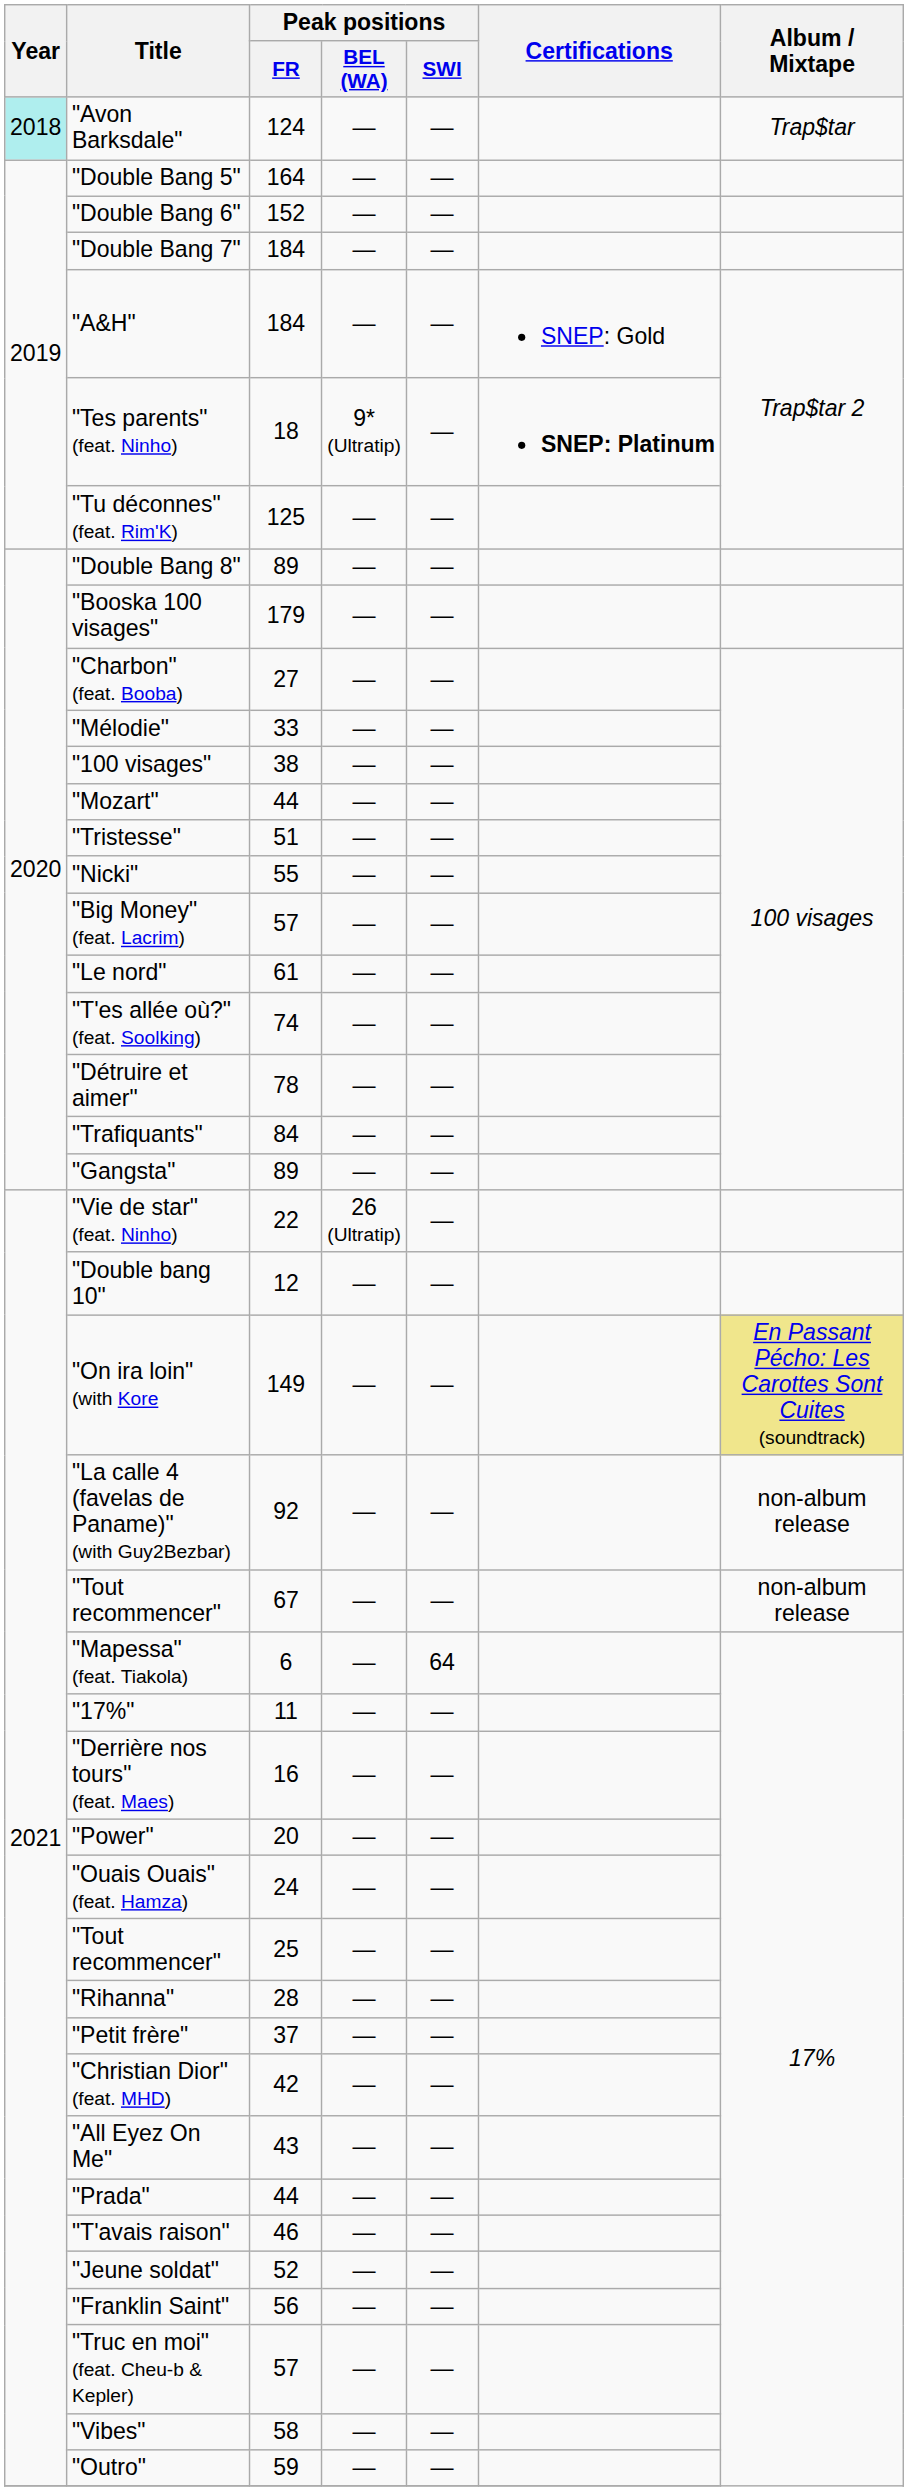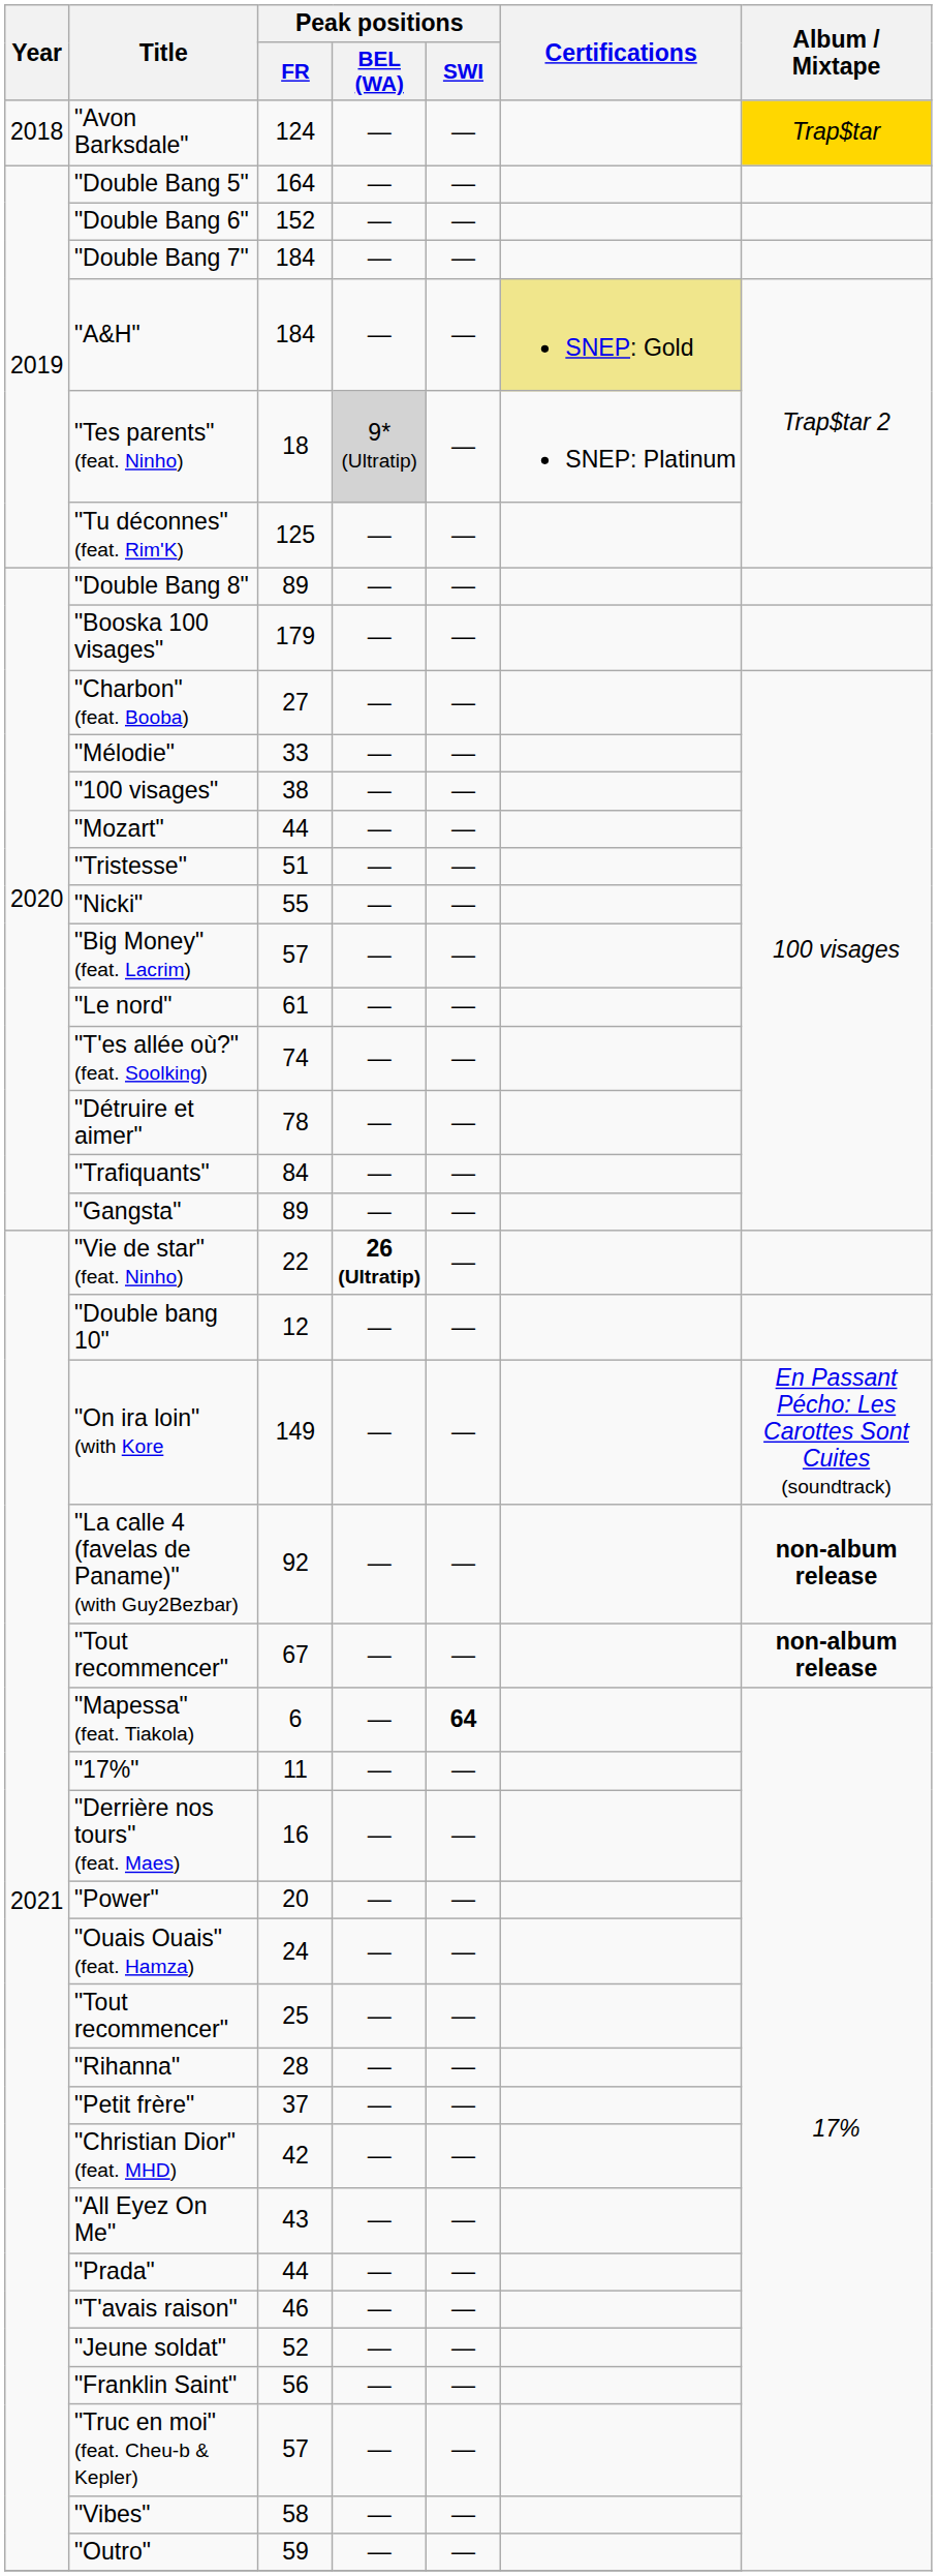 <table class="wikitable">
 <tr>
 <th align="center" rowspan="2" width="10">Year</th>
 <th align="center" rowspan="2" width="120">Title</th>
 <th align="center" colspan="3" width="20">Peak positions</th>
 <th scope="col" rowspan="2"><a href='#'>Certifications</a></th>
 <th align="center" rowspan="2" width="120">Album / Mixtape</th>
 </tr>
 <tr>
 <th scope="col" style="width:3em;font-size:90%;"><a href='#'>FR</a><br></th>
 <th scope="col" style="width:3em;font-size:90%;"><a href='#'>BEL (WA)</a><br></th>
 <th scope="col" style="width:3em;font-size:90%;"><a href='#'>SWI</a><br></th>
 </tr>
 <tr>
-<td style="background: paleturquoise; text-align:center;">2018</td>
+<td style="text-align:center;">2018</td>
 <td>"Avon Barksdale"</td>
 <td style="text-align:center;">124</td>
 <td style="text-align:center;">—</td>
 <td style="text-align:center;">—</td>
 <td></td>
-<td style="text-align:center;"><em>Trap$tar</em></td>
+<td style="background: gold; text-align:center;"><em>Trap$tar</em></td>
 </tr>
 <tr>
 <td style="text-align:center;" rowspan=6>2019</td>
 <td>"Double Bang 5"</td>
 <td style="text-align:center;">164</td>
 <td style="text-align:center;">—</td>
 <td style="text-align:center;">—</td>
 <td></td>
 <td style="text-align:center;"></td>
 </tr>
 <tr>
 <td>"Double Bang 6"</td>
 <td style="text-align:center;">152</td>
 <td style="text-align:center;">—</td>
 <td style="text-align:center;">—</td>
 <td></td>
 <td style="text-align:center;"></td>
 </tr>
 <tr>
 <td>"Double Bang 7"</td>
 <td style="text-align:center;">184</td>
 <td style="text-align:center;">—</td>
 <td style="text-align:center;">—</td>
 <td></td>
 <td style="text-align:center;"></td>
 </tr>
 <tr>
 <td>"A&H"</td>
 <td style="text-align:center;">184</td>
 <td style="text-align:center;">—</td>
 <td style="text-align:center;">—</td>
-<td><br><ul><li><a href='#'>SNEP</a>: Gold</li></ul></td>
+<td style="background: khaki;"><br><ul><li><a href='#'>SNEP</a>: Gold</li></ul></td>
 <td style="text-align:center;" rowspan=3><em>Trap$tar 2</em></td>
 </tr>
 <tr>
 <td>"Tes parents"<br><small>(feat. <a href='#'>Ninho</a>)</small></td>
 <td style="text-align:center;">18</td>
-<td style="text-align:center;">9*<br><small>(Ultratip)</small></td>
+<td style="background: lightgrey; text-align:center;">9*<br><small>(Ultratip)</small></td>
 <td style="text-align:center;">—</td>
-<td><strong><br><ul><li>SNEP: Platinum</li></ul></strong></td>
+<td><br><ul><li>SNEP: Platinum</li></ul></td>
 </tr>
 <tr>
 <td>"Tu déconnes"<br><small>(feat. <a href='#'>Rim'K</a>)</small></td>
 <td style="text-align:center;">125</td>
 <td style="text-align:center;">—</td>
 <td style="text-align:center;">—</td>
 <td></td>
 </tr>
 <tr>
 <td style="text-align:center;" rowspan=14>2020</td>
 <td>"Double Bang 8"</td>
 <td style="text-align:center;">89</td>
 <td style="text-align:center;">—</td>
 <td style="text-align:center;">—</td>
 <td></td>
 <td style="text-align:center;"></td>
 </tr>
 <tr>
 <td>"Booska 100 visages"</td>
 <td style="text-align:center;">179</td>
 <td style="text-align:center;">—</td>
 <td style="text-align:center;">—</td>
 <td></td>
 <td style="text-align:center;"></td>
 </tr>
 <tr>
 <td>"Charbon"<br><small>(feat. <a href='#'>Booba</a>)</small></td>
 <td style="text-align:center;">27</td>
 <td style="text-align:center;">—</td>
 <td style="text-align:center;">—</td>
 <td></td>
 <td style="text-align:center;" rowspan=12><em>100 visages</em></td>
 </tr>
 <tr>
 <td>"Mélodie"</td>
 <td style="text-align:center;">33</td>
 <td style="text-align:center;">—</td>
 <td style="text-align:center;">—</td>
 <td></td>
 </tr>
 <tr>
 <td>"100 visages"</td>
 <td style="text-align:center;">38</td>
 <td style="text-align:center;">—</td>
 <td style="text-align:center;">—</td>
 <td></td>
 </tr>
 <tr>
 <td>"Mozart"</td>
 <td style="text-align:center;">44</td>
 <td style="text-align:center;">—</td>
 <td style="text-align:center;">—</td>
 <td></td>
 </tr>
 <tr>
 <td>"Tristesse"</td>
 <td style="text-align:center;">51</td>
 <td style="text-align:center;">—</td>
 <td style="text-align:center;">—</td>
 <td></td>
 </tr>
 <tr>
 <td>"Nicki"</td>
 <td style="text-align:center;">55</td>
 <td style="text-align:center;">—</td>
 <td style="text-align:center;">—</td>
 <td></td>
 </tr>
 <tr>
 <td>"Big Money"<br><small>(feat. <a href='#'>Lacrim</a>)</small></td>
 <td style="text-align:center;">57</td>
 <td style="text-align:center;">—</td>
 <td style="text-align:center;">—</td>
 <td></td>
 </tr>
 <tr>
 <td>"Le nord"</td>
 <td style="text-align:center;">61</td>
 <td style="text-align:center;">—</td>
 <td style="text-align:center;">—</td>
 <td></td>
 </tr>
 <tr>
 <td>"T'es allée où?" <br><small>(feat. <a href='#'>Soolking</a>)</small></td>
 <td style="text-align:center;">74</td>
 <td style="text-align:center;">—</td>
 <td style="text-align:center;">—</td>
 <td></td>
 </tr>
 <tr>
 <td>"Détruire et aimer"</td>
 <td style="text-align:center;">78</td>
 <td style="text-align:center;">—</td>
 <td style="text-align:center;">—</td>
 <td></td>
 </tr>
 <tr>
 <td>"Trafiquants"</td>
 <td style="text-align:center;">84</td>
 <td style="text-align:center;">—</td>
 <td style="text-align:center;">—</td>
 <td></td>
 </tr>
 <tr>
 <td>"Gangsta"</td>
 <td style="text-align:center;">89</td>
 <td style="text-align:center;">—</td>
 <td style="text-align:center;">—</td>
 <td></td>
 </tr>
 <tr>
 <td style="text-align:center;" rowspan=22>2021</td>
 <td>"Vie de star"<br><small>(feat. <a href='#'>Ninho</a>)</small></td>
 <td style="text-align:center;">22</td>
-<td style="text-align:center;">26<br><small>(Ultratip)</small></td>
+<td style="text-align:center;"><strong>26<br><small>(Ultratip)</small></strong></td>
 <td style="text-align:center;">—</td>
 <td></td>
 <td style="text-align:center;"></td>
 </tr>
 <tr>
 <td>"Double bang 10"</td>
 <td style="text-align:center;">12</td>
 <td style="text-align:center;">—</td>
 <td style="text-align:center;">—</td>
 <td></td>
 <td style="text-align:center;"></td>
 </tr>
 <tr>
 <td>"On ira loin"<br><small>(with <a href='#'>Kore</a></small></td>
 <td style="text-align:center;">149</td>
 <td style="text-align:center;">—</td>
 <td style="text-align:center;">—</td>
 <td></td>
-<td style="background: khaki; text-align:center;"><em><a href='#'>En Passant Pécho: Les Carottes Sont Cuites</a></em> <small>(soundtrack)</small></td>
+<td style="text-align:center;"><em><a href='#'>En Passant Pécho: Les Carottes Sont Cuites</a></em> <small>(soundtrack)</small></td>
 </tr>
 <tr>
 <td>"La calle 4 (favelas de Paname)"<br><small>(with Guy2Bezbar)</small></td>
 <td style="text-align:center;">92</td>
 <td style="text-align:center;">—</td>
 <td style="text-align:center;">—</td>
 <td></td>
-<td style="text-align:center;">non-album release</td>
+<td style="text-align:center;"><strong>non-album release</strong></td>
 </tr>
 <tr>
 <td>"Tout recommencer"</td>
 <td style="text-align:center;">67</td>
 <td style="text-align:center;">—</td>
 <td style="text-align:center;">—</td>
 <td></td>
-<td style="text-align:center;">non-album release</td>
+<td style="text-align:center;"><strong>non-album release</strong></td>
 </tr>
 <tr>
 <td>"Mapessa"<br><small>(feat. Tiakola)</small></td>
 <td style="text-align:center;">6</td>
 <td style="text-align:center;">—</td>
-<td style="text-align:center;">64</td>
+<td style="text-align:center;"><strong>64</strong></td>
 <td></td>
 <td style="text-align:center;" rowspan=18><em>17%</em></td>
 </tr>
 <tr>
 <td>"17%"</td>
 <td style="text-align:center;">11</td>
 <td style="text-align:center;">—</td>
 <td style="text-align:center;">—</td>
 <td></td>
 </tr>
 <tr>
 <td>"Derrière nos tours"<br><small>(feat. <a href='#'>Maes</a>)</small></td>
 <td style="text-align:center;">16</td>
 <td style="text-align:center;">—</td>
 <td style="text-align:center;">—</td>
 <td></td>
 </tr>
 <tr>
 <td>"Power"</td>
 <td style="text-align:center;">20</td>
 <td style="text-align:center;">—</td>
 <td style="text-align:center;">—</td>
 <td></td>
 </tr>
 <tr>
 <td>"Ouais Ouais"<br><small>(feat. <a href='#'>Hamza</a>)</small></td>
 <td style="text-align:center;">24</td>
 <td style="text-align:center;">—</td>
 <td style="text-align:center;">—</td>
 <td></td>
 </tr>
 <tr>
 <td>"Tout recommencer"</td>
 <td style="text-align:center;">25</td>
 <td style="text-align:center;">—</td>
 <td style="text-align:center;">—</td>
 <td></td>
 </tr>
 <tr>
 <td>"Rihanna"</td>
 <td style="text-align:center;">28</td>
 <td style="text-align:center;">—</td>
 <td style="text-align:center;">—</td>
 <td></td>
 </tr>
 <tr>
 <td>"Petit frère"</td>
 <td style="text-align:center;">37</td>
 <td style="text-align:center;">—</td>
 <td style="text-align:center;">—</td>
 <td></td>
 </tr>
 <tr>
 <td>"Christian Dior"<br><small>(feat. <a href='#'>MHD</a>)</small></td>
 <td style="text-align:center;">42</td>
 <td style="text-align:center;">—</td>
 <td style="text-align:center;">—</td>
 <td></td>
 </tr>
 <tr>
 <td>"All Eyez On Me"</td>
 <td style="text-align:center;">43</td>
 <td style="text-align:center;">—</td>
 <td style="text-align:center;">—</td>
 <td></td>
 </tr>
 <tr>
 <td>"Prada"</td>
 <td style="text-align:center;">44</td>
 <td style="text-align:center;">—</td>
 <td style="text-align:center;">—</td>
 <td></td>
 </tr>
 <tr>
 <td>"T'avais raison"</td>
 <td style="text-align:center;">46</td>
 <td style="text-align:center;">—</td>
 <td style="text-align:center;">—</td>
 <td></td>
 </tr>
 <tr>
 <td>"Jeune soldat"</td>
 <td style="text-align:center;">52</td>
 <td style="text-align:center;">—</td>
 <td style="text-align:center;">—</td>
 <td></td>
 </tr>
 <tr>
 <td>"Franklin Saint"</td>
 <td style="text-align:center;">56</td>
 <td style="text-align:center;">—</td>
 <td style="text-align:center;">—</td>
 <td></td>
 </tr>
 <tr>
 <td>"Truc en moi" <br><small>(feat. Cheu-b & Kepler)</small></td>
 <td style="text-align:center;">57</td>
 <td style="text-align:center;">—</td>
 <td style="text-align:center;">—</td>
 <td></td>
 </tr>
 <tr>
 <td>"Vibes"</td>
 <td style="text-align:center;">58</td>
 <td style="text-align:center;">—</td>
 <td style="text-align:center;">—</td>
 <td></td>
 </tr>
 <tr>
 <td>"Outro"</td>
 <td style="text-align:center;">59</td>
 <td style="text-align:center;">—</td>
 <td style="text-align:center;">—</td>
 <td></td>
 </tr>
 <tr>
 </tr>
 </table>
